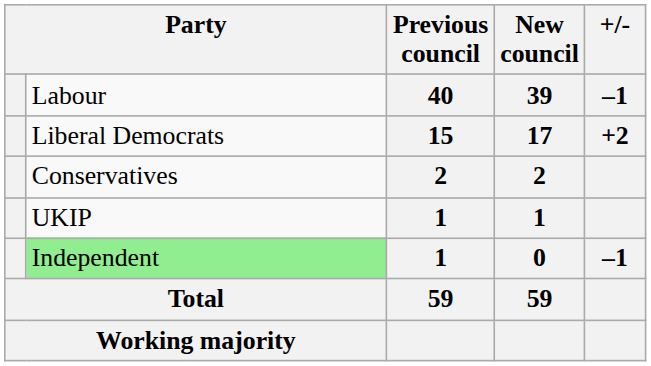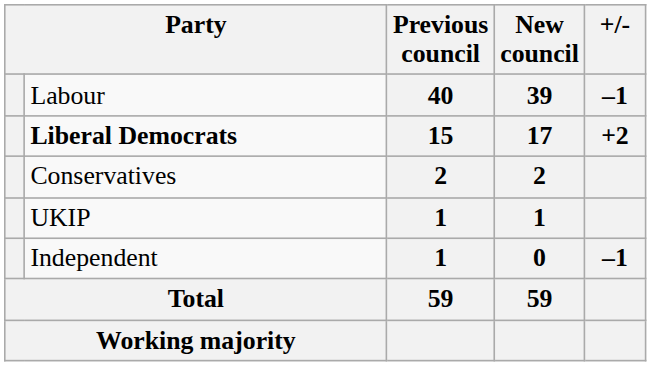 <table class="wikitable">
 <tr>
 <th valign=top colspan="2" style="width: 230px">Party</th>
 <th valign=top style="width: 30px">Previous council</th>
 <th valign=top style="width: 30px">New council</th>
 <th valign=top style="width: 30px">+/-</th>
 </tr>
 <tr>
 <th style="background-color: "></th>
 <td>Labour</td>
 <th align=center>40</th>
 <th align=center>39</th>
 <th align=center>–1</th>
 </tr>
 <tr>
 <th style="background-color: "></th>
-<td>Liberal Democrats</td>
+<td><strong>Liberal Democrats</strong></td>
 <th align=center>15</th>
 <th align=center>17</th>
 <th align=center>+2</th>
 </tr>
 <tr>
 <th style="background-color: "></th>
 <td>Conservatives</td>
 <th align=center>2</th>
 <th align=center>2</th>
 <th align=center></th>
 </tr>
 <tr>
 <th style="background-color: "></th>
 <td>UKIP</td>
 <th align=center>1</th>
 <th align=center>1</th>
 <th align=center></th>
 </tr>
 <tr>
 <th style="background-color: "></th>
-<td style="background: lightgreen;">Independent</td>
+<td>Independent</td>
 <th align=center>1</th>
 <th align=center>0</th>
 <th align=center>–1</th>
 </tr>
 <tr>
 <th colspan=2>Total</th>
 <th style="text-align: center">59</th>
 <th style="text-align: center">59</th>
 <th></th>
 </tr>
 <tr>
 <th colspan=2>Working majority</th>
 <th></th>
 <th></th>
 <th></th>
 </tr>
 </table>
